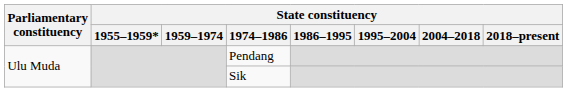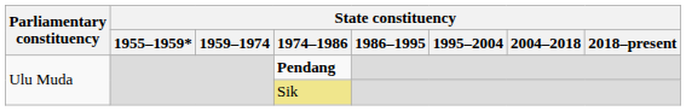 <table class="wikitable">
 <tr>
 <th rowspan="2">Parliamentary<br>constituency</th>
 <th colspan="7">State constituency</th>
 </tr>
 <tr>
 <th>1955–1959*</th>
 <th>1959–1974</th>
 <th>1974–1986</th>
 <th>1986–1995</th>
 <th>1995–2004</th>
 <th>2004–2018</th>
 <th>2018–present</th>
 </tr>
 <tr>
 <td rowspan="2">Ulu Muda</td>
 <td colspan="2" rowspan="2" bgcolor="dcdcdc"></td>
-<td>Pendang</td>
+<td><strong>Pendang</strong></td>
 <td colspan="4" bgcolor="dcdcdc"></td>
 </tr>
 <tr>
-<td>Sik</td>
+<td style="background: khaki;">Sik</td>
 <td colspan="4" bgcolor="dcdcdc"></td>
 </tr>
 </table>
